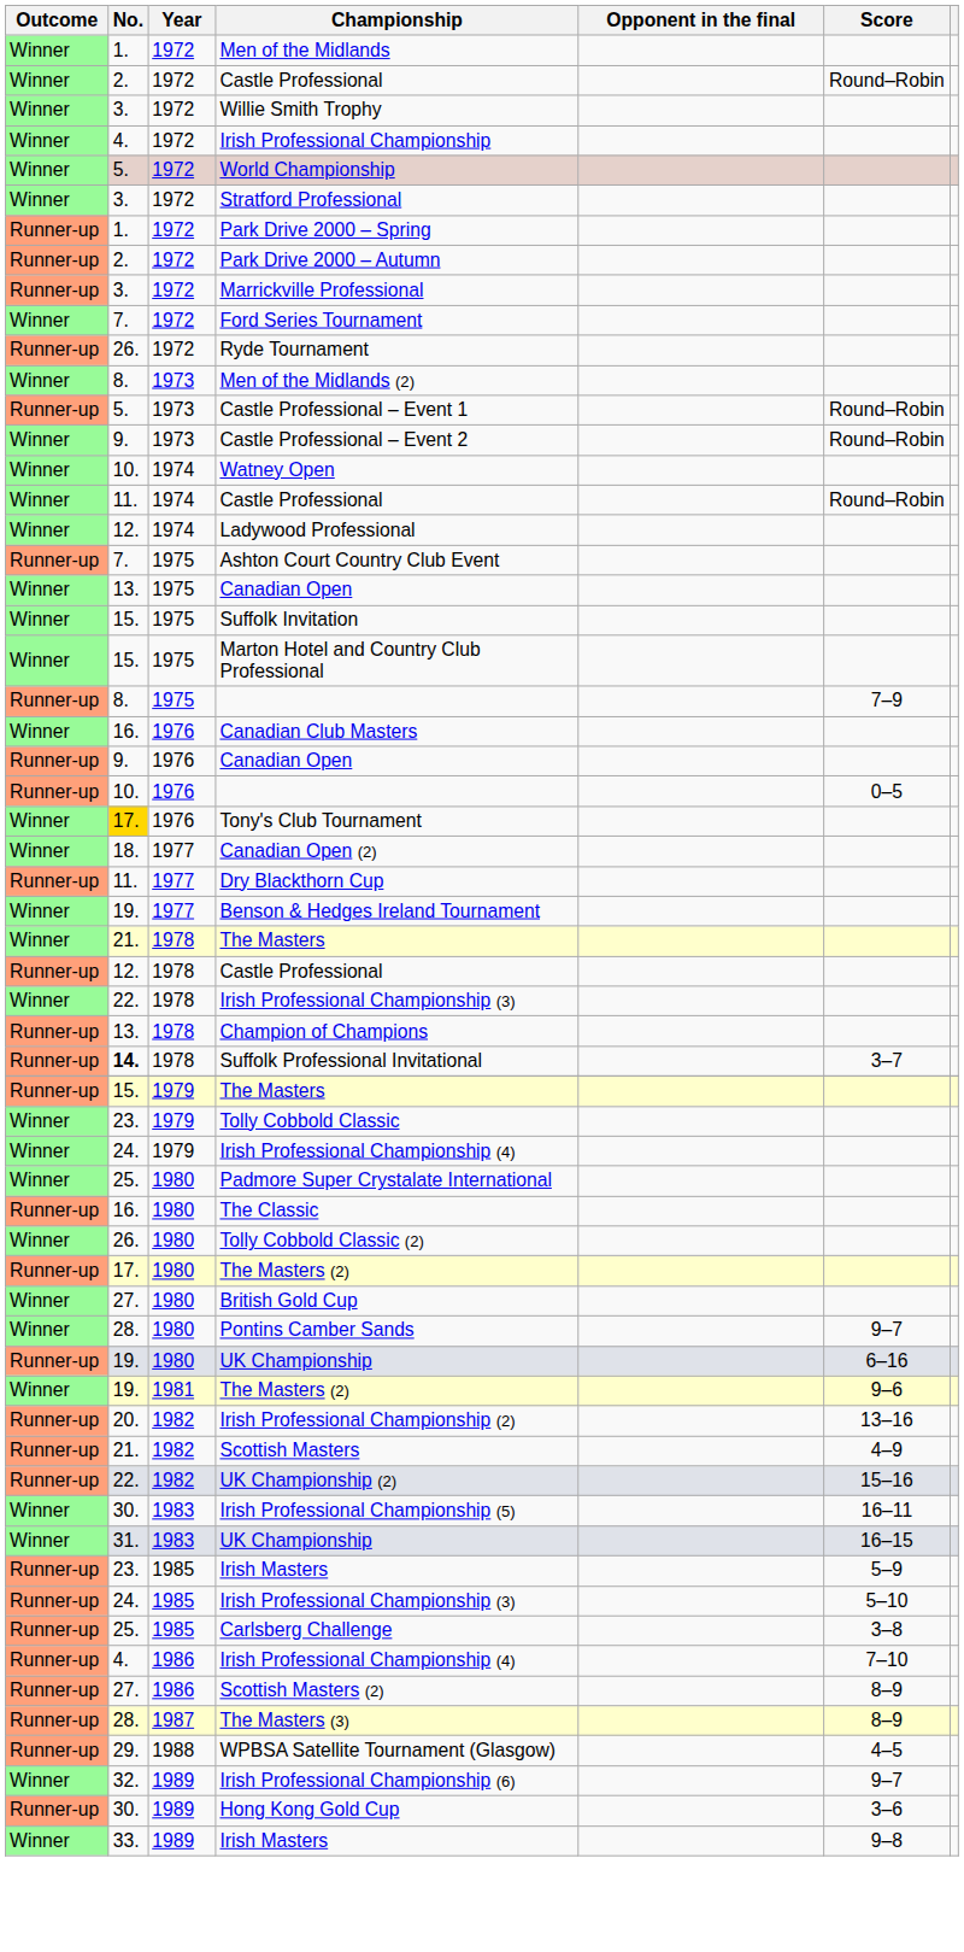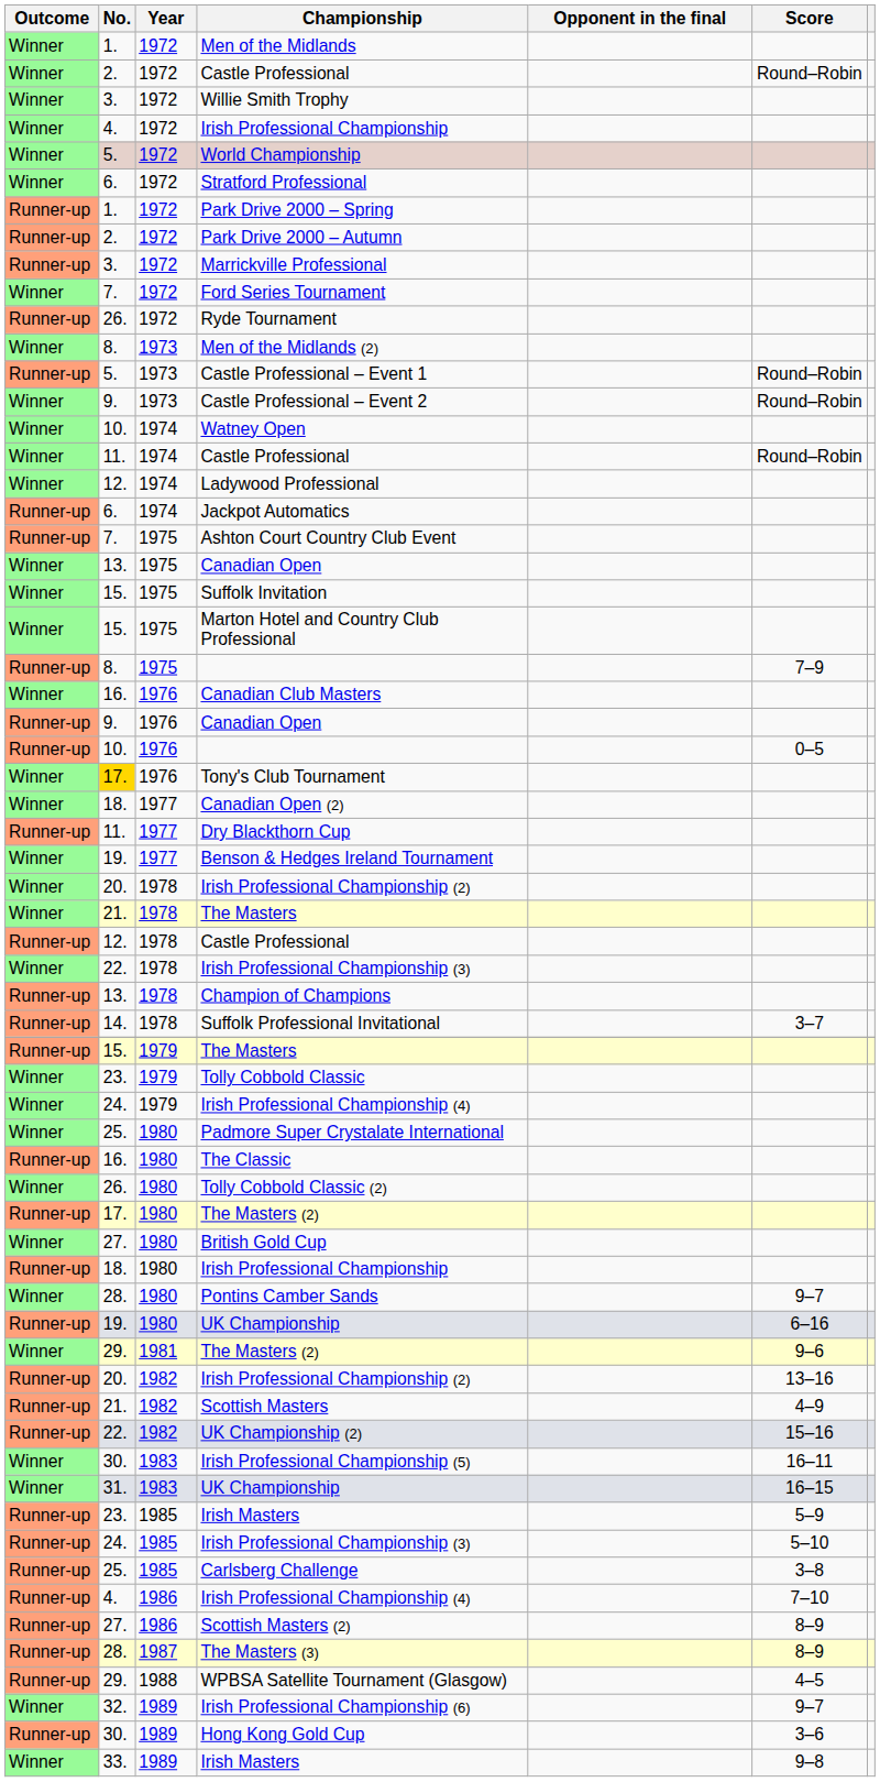 <table class="wikitable">
 <tr>
 <th width="80">Outcome</th>
 <th width="20">No.</th>
 <th width="50">Year</th>
 <th style="width:300px;">Championship</th>
 <th style="width:200px;">Opponent in the final</th>
 <th style="width:100px;">Score</th>
 <th></th>
 </tr>
 <tr>
 <td style="background:#98FB98">Winner</td>
 <td>1.</td>
 <td><a href='#'>1972</a></td>
 <td><a href='#'>Men of the Midlands</a></td>
 <td data-sort-value="Spencer, John"></td>
 <td align="center"></td>
 <td align="center"></td>
 </tr>
 <tr>
 <td style="background:#98FB98">Winner</td>
 <td>2.</td>
 <td>1972</td>
 <td>Castle Professional</td>
 <td data-sort-value="Spencer, John"></td>
 <td align="center">Round–Robin</td>
 <td align="center"></td>
 </tr>
 <tr>
 <td style="background:#98FB98">Winner</td>
 <td>3.</td>
 <td>1972</td>
 <td>Willie Smith Trophy</td>
 <td data-sort-value="Dunning, John"></td>
 <td align="center"></td>
 <td align="center"></td>
 </tr>
 <tr>
 <td style="background:#98FB98">Winner</td>
 <td>4.</td>
 <td>1972</td>
 <td><a href='#'>Irish Professional Championship</a></td>
 <td data-sort-value="Rea, Jackie"></td>
 <td align="center"></td>
 <td align="center"></td>
 </tr>
 <tr bgcolor="#e5d1cb">
 <td style="background:#98FB98">Winner</td>
 <td>5.</td>
 <td><a href='#'>1972</a></td>
 <td><a href='#'>World Championship</a></td>
 <td data-sort-value="Spencer, John"></td>
 <td align="center"></td>
 <td align="center"></td>
 </tr>
 <tr>
 <td style="background:#98FB98">Winner</td>
-<td>3.</td>
+<td>6.</td>
 <td>1972</td>
 <td><a href='#'>Stratford Professional</a></td>
 <td data-sort-value="Spencer, John"></td>
 <td align="center"></td>
 <td align="center"></td>
 </tr>
 <tr>
 <td style="background:#ffa07a;">Runner-up</td>
 <td>1.</td>
 <td><a href='#'>1972</a></td>
 <td><a href='#'>Park Drive 2000 – Spring</a></td>
 <td data-sort-value="Spencer, John"></td>
 <td align="center"></td>
 <td align="center"></td>
 </tr>
 <tr>
 <td style="background:#ffa07a;">Runner-up</td>
 <td>2.</td>
 <td><a href='#'>1972</a></td>
 <td><a href='#'>Park Drive 2000 – Autumn</a></td>
 <td data-sort-value="Spencer, John"></td>
 <td align="center"></td>
 <td align="center"></td>
 </tr>
 <tr>
 <td style="background:#ffa07a;">Runner-up</td>
 <td>3.</td>
 <td><a href='#'>1972</a></td>
 <td><a href='#'>Marrickville Professional</a></td>
 <td data-sort-value="Charlton, Eddie"></td>
 <td align="center"></td>
 <td align="center"></td>
 </tr>
 <tr>
 <td style="background:#98FB98">Winner</td>
 <td>7.</td>
 <td><a href='#'>1972</a></td>
 <td><a href='#'>Ford Series Tournament</a></td>
 <td data-sort-value="Pulman, John"></td>
 <td align="center"></td>
 <td align="center"></td>
 </tr>
 <tr>
 <td style="background:#ffa07a;">Runner-up</td>
 <td>26.</td>
 <td>1972</td>
 <td>Ryde Tournament</td>
 <td data-sort-value="Reardon, Ray"></td>
 <td align="center"></td>
 <td align="center"></td>
 </tr>
 <tr>
 <td style="background:#98FB98">Winner</td>
 <td>8.</td>
 <td><a href='#'>1973</a></td>
 <td><a href='#'>Men of the Midlands</a> <small>(2)</small></td>
 <td data-sort-value="Reardon, Ray"></td>
 <td align="center"></td>
 <td align="center"></td>
 </tr>
 <tr>
 <td style="background:#ffa07a;">Runner-up</td>
 <td>5.</td>
 <td>1973</td>
 <td>Castle Professional – Event 1</td>
 <td data-sort-value="Spencer, John"></td>
 <td align="center">Round–Robin</td>
 <td align="center"></td>
 </tr>
 <tr>
 <td style="background:#98FB98">Winner</td>
 <td>9.</td>
 <td>1973</td>
 <td>Castle Professional – Event 2</td>
 <td data-sort-value="Pulman, John"></td>
 <td align="center">Round–Robin</td>
 <td align="center"></td>
 </tr>
 <tr>
 <td style="background:#98FB98">Winner</td>
 <td>10.</td>
 <td>1974</td>
 <td><a href='#'>Watney Open</a></td>
 <td data-sort-value="Davis, Fred"></td>
 <td align="center"></td>
 <td align="center"></td>
 </tr>
 <tr>
 <td style="background:#98FB98">Winner</td>
 <td>11.</td>
 <td>1974</td>
 <td>Castle Professional</td>
 <td data-sort-value="Pulman, John"></td>
 <td align="center">Round–Robin</td>
 <td align="center"></td>
 </tr>
 <tr>
 <td style="background:#98FB98">Winner</td>
 <td>12.</td>
 <td>1974</td>
 <td>Ladywood Professional</td>
 <td data-sort-value="Miles, Graham"></td>
+<td align="center"></td>
+<td align="center"></td>
+</tr>
+<tr>
+<td style="background:#ffa07a;">Runner-up</td>
+<td>6.</td>
+<td>1974</td>
+<td>Jackpot Automatics</td>
+<td data-sort-value="Spencer, John"></td>
 <td align="center"></td>
 <td align="center"></td>
 </tr>
 <tr>
 <td style="background:#ffa07a;">Runner-up</td>
 <td>7.</td>
 <td>1975</td>
 <td>Ashton Court Country Club Event</td>
 <td data-sort-value="Spencer, John"></td>
 <td align="center"></td>
 <td align="center"></td>
 </tr>
 <tr>
 <td style="background:#98FB98">Winner</td>
 <td>13.</td>
 <td>1975</td>
 <td><a href='#'>Canadian Open</a></td>
 <td data-sort-value="Pulman, John"></td>
 <td align="center"></td>
 <td align="center"></td>
 </tr>
 <tr>
 <td style="background:#98FB98">Winner</td>
 <td>15.</td>
 <td>1975</td>
 <td>Suffolk Invitation</td>
 <td data-sort-value="Miles, Graham"></td>
 <td align="center"></td>
 <td align="center"></td>
 </tr>
 <tr>
 <td style="background:#98FB98">Winner</td>
 <td>15.</td>
 <td>1975</td>
 <td>Marton Hotel and Country Club Professional</td>
 <td data-sort-value="Taylor, David"></td>
 <td align="center"></td>
 <td align="center"></td>
 </tr>
 <tr>
 <td style="background:#ffa07a;">Runner-up</td>
 <td>8.</td>
 <td><a href='#'>1975</a></td>
 <td></td>
 <td data-sort-value="Spencer, John"></td>
 <td align="center">7–9</td>
 <td align="center"></td>
 </tr>
 <tr>
 <td style="background:#98FB98">Winner</td>
 <td>16.</td>
 <td><a href='#'>1976</a></td>
 <td><a href='#'>Canadian Club Masters</a></td>
 <td data-sort-value="Reardon, Ray"></td>
 <td align="center"></td>
 <td align="center"></td>
 </tr>
 <tr>
 <td style="background:#ffa07a;">Runner-up</td>
 <td>9.</td>
 <td>1976</td>
 <td><a href='#'>Canadian Open</a></td>
 <td data-sort-value="Spencer, John"></td>
 <td align="center"></td>
 <td align="center"></td>
 </tr>
 <tr>
 <td style="background:#ffa07a;">Runner-up</td>
 <td>10.</td>
 <td><a href='#'>1976</a></td>
 <td></td>
 <td data-sort-value="Spencer, John"></td>
 <td align="center">0–5</td>
 <td align="center"></td>
 </tr>
 <tr>
 <td style="background:#98FB98">Winner</td>
 <td style="background: gold;">17.</td>
 <td>1976</td>
 <td>Tony's Club Tournament</td>
 <td data-sort-value="Spencer, John"></td>
 <td align="center"></td>
 <td align="center"></td>
 </tr>
 <tr>
 <td style="background:#98FB98">Winner</td>
 <td>18.</td>
 <td>1977</td>
 <td><a href='#'>Canadian Open</a> <small>(2)</small></td>
 <td data-sort-value="Spencer, John"></td>
 <td align="center"></td>
 <td align="center"></td>
 </tr>
 <tr>
 <td style="background:#ffa07a;">Runner-up</td>
 <td>11.</td>
 <td><a href='#'>1977</a></td>
 <td><a href='#'>Dry Blackthorn Cup</a></td>
 <td data-sort-value="Fagan, Patsy"></td>
 <td align="center"></td>
 <td align="center"></td>
 </tr>
 <tr>
 <td style="background:#98FB98">Winner</td>
 <td>19.</td>
 <td><a href='#'>1977</a></td>
 <td><a href='#'>Benson & Hedges Ireland Tournament</a></td>
 <td data-sort-value="Reardon, Ray"></td>
 <td align="center"></td>
 <td align="center"></td>
 </tr>
+<tr>
+<td style="background:#98FB98">Winner</td>
+<td>20.</td>
+<td>1978</td>
+<td><a href='#'>Irish Professional Championship</a> <small>(2)</small></td>
+<td data-sort-value="Taylor, Dennis"></td>
+<td align="center"></td>
+<td align="center"></td>
+</tr>
 <tr bgcolor="ffffcc">
 <td style="background:#98FB98">Winner</td>
 <td>21.</td>
 <td><a href='#'>1978</a></td>
 <td><a href='#'>The Masters</a></td>
 <td data-sort-value="Thorburn, Cliff"></td>
 <td align="center"></td>
 <td align="center"></td>
 </tr>
 <tr>
 <td style="background:#ffa07a;">Runner-up</td>
 <td>12.</td>
 <td>1978</td>
 <td>Castle Professional</td>
 <td data-sort-value="Spencer, John"></td>
 <td align="center"></td>
 <td align="center"></td>
 </tr>
 <tr>
 <td style="background:#98FB98">Winner</td>
 <td>22.</td>
 <td>1978</td>
 <td><a href='#'>Irish Professional Championship</a> <small>(3)</small></td>
 <td data-sort-value="Fagan, Patsy"></td>
 <td align="center"></td>
 <td align="center"></td>
 </tr>
 <tr>
 <td style="background:#ffa07a;">Runner-up</td>
 <td>13.</td>
 <td><a href='#'>1978</a></td>
 <td><a href='#'>Champion of Champions</a></td>
 <td data-sort-value="Reardon, Ray"></td>
 <td align="center"></td>
 <td align="center"></td>
 </tr>
 <tr>
 <td style="background:#ffa07a">Runner-up</td>
-<td><strong>14.</strong></td>
+<td>14.</td>
 <td>1978</td>
 <td>Suffolk Professional Invitational</td>
 <td data-sort-value="Fagan, Patsy"></td>
 <td align="center">3–7</td>
 <td align="center"></td>
 </tr>
 <tr>
 </tr>
 <tr bgcolor="ffffcc">
 <td style="background:#ffa07a;">Runner-up</td>
 <td>15.</td>
 <td><a href='#'>1979</a></td>
 <td><a href='#'>The Masters</a></td>
 <td data-sort-value="Mans, Perrie"></td>
 <td align="center"></td>
 <td align="center"></td>
 </tr>
 <tr>
 <td style="background:#98FB98">Winner</td>
 <td>23.</td>
 <td><a href='#'>1979</a></td>
 <td><a href='#'>Tolly Cobbold Classic</a></td>
 <td data-sort-value="Reardon, Ray"></td>
 <td align="center"></td>
 <td align="center"></td>
 </tr>
 <tr>
 <td style="background:#98FB98">Winner</td>
 <td>24.</td>
 <td>1979</td>
 <td><a href='#'>Irish Professional Championship</a> <small>(4)</small></td>
 <td data-sort-value="Fagan, Patsy"></td>
 <td align="center"></td>
 <td align="center"></td>
 </tr>
 <tr>
 <td style="background:#98FB98">Winner</td>
 <td>25.</td>
 <td><a href='#'>1980</a></td>
 <td><a href='#'>Padmore Super Crystalate International</a></td>
 <td data-sort-value="Mans, Perrie"></td>
 <td align="center"></td>
 <td align="center"></td>
 </tr>
 <tr>
 <td style="background:#ffa07a;">Runner-up</td>
 <td>16.</td>
 <td><a href='#'>1980</a></td>
 <td><a href='#'>The Classic</a></td>
 <td data-sort-value="Spencer, John"></td>
 <td align="center"></td>
 <td align="center"></td>
 </tr>
 <tr>
 <td style="background:#98FB98">Winner</td>
 <td>26.</td>
 <td><a href='#'>1980</a></td>
 <td><a href='#'>Tolly Cobbold Classic</a> <small>(2)</small></td>
 <td data-sort-value="Taylor, Dennis"></td>
 <td align="center"></td>
 <td align="center"></td>
 </tr>
 <tr bgcolor="ffffcc">
 <td style="background:#ffa07a;">Runner-up</td>
 <td>17.</td>
 <td><a href='#'>1980</a></td>
 <td><a href='#'>The Masters</a> <small>(2)</small></td>
 <td data-sort-value="Griffiths, Terry"></td>
 <td align="center"></td>
 <td align="center"></td>
 </tr>
 <tr>
 <td style="background:#98FB98">Winner</td>
 <td>27.</td>
 <td><a href='#'>1980</a></td>
 <td><a href='#'>British Gold Cup</a></td>
 <td data-sort-value="Reardon, Ray"></td>
 <td align="center"></td>
 <td align="center"></td>
 </tr>
 <tr>
+<td style="background:#ffa07a;">Runner-up</td>
+<td>18.</td>
+<td>1980</td>
+<td><a href='#'>Irish Professional Championship</a></td>
+<td data-sort-value="Taylor, Dennis"></td>
+<td align="center"></td>
+<td align="center"></td>
+</tr>
+<tr>
 <td style="background:#98FB98">Winner</td>
 <td>28.</td>
 <td><a href='#'>1980</a></td>
 <td><a href='#'>Pontins Camber Sands</a></td>
 <td data-sort-value="Taylor, Dennis"></td>
 <td align="center">9–7</td>
 <td align="center"></td>
 </tr>
 <tr bgcolor="dfe2e9">
 <td style="background:#ffa07a;">Runner-up</td>
 <td>19.</td>
 <td><a href='#'>1980</a></td>
 <td><a href='#'>UK Championship</a></td>
 <td data-sort-value="Davis, Steve"></td>
 <td align="center">6–16</td>
 <td align="center"></td>
 </tr>
 <tr bgcolor="ffffcc">
 <td style="background:#98FB98">Winner</td>
-<td>19.</td>
+<td>29.</td>
 <td><a href='#'>1981</a></td>
 <td><a href='#'>The Masters</a> <small>(2)</small></td>
 <td data-sort-value="Griffiths, Terry"></td>
 <td align="center">9–6</td>
 <td align="center"></td>
 </tr>
 <tr>
 <td style="background:#ffa07a;">Runner-up</td>
 <td>20.</td>
 <td><a href='#'>1982</a></td>
 <td><a href='#'>Irish Professional Championship</a> <small>(2)</small></td>
 <td data-sort-value="Taylor, Dennis"></td>
 <td align="center">13–16</td>
 <td align="center"></td>
 </tr>
 <tr>
 <td style="background:#ffa07a;">Runner-up</td>
 <td>21.</td>
 <td><a href='#'>1982</a></td>
 <td><a href='#'>Scottish Masters</a></td>
 <td data-sort-value="Davis, Steve"></td>
 <td align="center">4–9</td>
 <td align="center"></td>
 </tr>
 <tr bgcolor="dfe2e9">
 <td style="background:#ffa07a;">Runner-up</td>
 <td>22.</td>
 <td><a href='#'>1982</a></td>
 <td><a href='#'>UK Championship</a> <small>(2)</small></td>
 <td data-sort-value="Griffiths, Terry"></td>
 <td align="center">15–16</td>
 <td align="center"></td>
 </tr>
 <tr>
 <td style="background:#98FB98">Winner</td>
 <td>30.</td>
 <td><a href='#'>1983</a></td>
 <td><a href='#'>Irish Professional Championship</a> <small>(5)</small></td>
 <td data-sort-value="Taylor, Dennis"></td>
 <td align="center">16–11</td>
 <td align="center"></td>
 </tr>
 <tr bgcolor="dfe2e9">
 <td style="background:#98FB98">Winner</td>
 <td>31.</td>
 <td><a href='#'>1983</a></td>
 <td><a href='#'>UK Championship</a></td>
 <td data-sort-value="Davis, Steve"></td>
 <td align="center">16–15</td>
 <td align="center"></td>
 </tr>
 <tr>
 <td style="background:#ffa07a;">Runner-up</td>
 <td>23.</td>
 <td>1985</td>
 <td><a href='#'>Irish Masters</a></td>
 <td data-sort-value="White, Jimmy"></td>
 <td align="center">5–9</td>
 <td align="center"></td>
 </tr>
 <tr>
 <td style="background:#ffa07a;">Runner-up</td>
 <td>24.</td>
 <td><a href='#'>1985</a></td>
 <td><a href='#'>Irish Professional Championship</a> <small>(3)</small></td>
 <td data-sort-value="Taylor, Dennis"></td>
 <td align="center">5–10</td>
 <td align="center"></td>
 </tr>
 <tr>
 <td style="background:#ffa07a;">Runner-up</td>
 <td>25.</td>
 <td><a href='#'>1985</a></td>
 <td><a href='#'>Carlsberg Challenge</a></td>
 <td data-sort-value="White, Jimmy"></td>
 <td align="center">3–8</td>
 <td align="center"></td>
 </tr>
 <tr>
 <td style="background:#ffa07a;">Runner-up</td>
 <td>4.</td>
 <td><a href='#'>1986</a></td>
 <td><a href='#'>Irish Professional Championship</a> <small>(4)</small></td>
 <td data-sort-value="Taylor, Dennis"></td>
 <td align="center">7–10</td>
 <td align="center"></td>
 </tr>
 <tr>
 <td style="background:#ffa07a;">Runner-up</td>
 <td>27.</td>
 <td><a href='#'>1986</a></td>
 <td><a href='#'>Scottish Masters</a> <small>(2)</small></td>
 <td data-sort-value="Thorburn, Cliff"></td>
 <td align="center">8–9</td>
 <td align="center"></td>
 </tr>
 <tr bgcolor="ffffcc">
 <td style="background:#ffa07a;">Runner-up</td>
 <td>28.</td>
 <td><a href='#'>1987</a></td>
 <td><a href='#'>The Masters</a> <small>(3)</small></td>
 <td data-sort-value="Taylor, Dennis"></td>
 <td align="center">8–9</td>
 <td align="center"></td>
 </tr>
 <tr>
 <td style="background:#ffa07a;">Runner-up</td>
 <td>29.</td>
 <td>1988</td>
 <td>WPBSA Satellite Tournament (Glasgow)</td>
 <td data-sort-value="Wilkinson, Gary"></td>
 <td align="center">4–5</td>
 <td align="center"></td>
 </tr>
 <tr>
 <td style="background:#98FB98">Winner</td>
 <td>32.</td>
 <td><a href='#'>1989</a></td>
 <td><a href='#'>Irish Professional Championship</a> <small>(6)</small></td>
 <td data-sort-value="McLaughlin, Jack"></td>
 <td align="center">9–7</td>
 <td align="center"></td>
 </tr>
 <tr>
 <td style="background:#ffa07a;">Runner-up</td>
 <td>30.</td>
 <td><a href='#'>1989</a></td>
 <td><a href='#'>Hong Kong Gold Cup</a></td>
 <td data-sort-value="Davis, Steve"></td>
 <td align="center">3–6</td>
 <td align="center"></td>
 </tr>
 <tr>
 <td style="background:#98FB98">Winner</td>
 <td>33.</td>
 <td><a href='#'>1989</a></td>
 <td><a href='#'>Irish Masters</a></td>
 <td></td>
 <td align="center">9–8</td>
 <td align="center"></td>
 </tr>
 </table>
